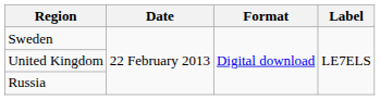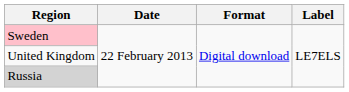 <table class=wikitable>
 <tr>
 <th scope="col">Region</th>
 <th scope="col">Date</th>
 <th scope="col">Format</th>
 <th scope="col">Label</th>
 </tr>
 <tr>
-<td>Sweden</td>
+<td style="background: pink;">Sweden</td>
 <td rowspan="3">22 February 2013</td>
 <td rowspan="3"><a href='#'>Digital download</a></td>
 <td rowspan="3">LE7ELS</td>
 </tr>
 <tr>
 <td>United Kingdom</td>
 </tr>
 <tr>
-<td>Russia</td>
+<td style="background: lightgrey;">Russia</td>
 </tr>
 </table>
